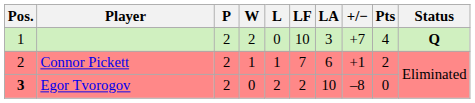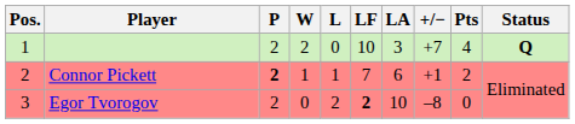 <table class="wikitable" style="text-align:center; margin: 1em auto 1em auto, align:left">
 <tr>
 <th width=20>Pos.</th>
 <th width=185>Player</th>
 <th width=20>P</th>
 <th width=20>W</th>
 <th width=20>L</th>
 <th width=20>LF</th>
 <th width=20>LA</th>
 <th width=25>+/−</th>
 <th width=20>Pts</th>
 <th width=70>Status</th>
 </tr>
 <tr style="background:#D0F0C0;">
 <td>1</td>
 <td align=left></td>
 <td>2</td>
 <td>2</td>
 <td>0</td>
 <td>10</td>
 <td>3</td>
 <td>+7</td>
 <td>4</td>
 <td><strong>Q</strong></td>
 </tr>
 <tr style="background:#FF8888;">
 <td>2</td>
 <td align=left> <a href='#'>Connor Pickett</a></td>
-<td>2</td>
+<td><strong>2</strong></td>
 <td>1</td>
 <td>1</td>
 <td>7</td>
 <td>6</td>
 <td>+1</td>
 <td>2</td>
 <td rowspan=2>Eliminated</td>
 </tr>
 <tr style="background:#FF8888;">
-<td><strong>3</strong></td>
+<td>3</td>
 <td align=left> <a href='#'>Egor Tvorogov</a></td>
 <td>2</td>
 <td>0</td>
 <td>2</td>
-<td>2</td>
+<td><strong>2</strong></td>
 <td>10</td>
 <td>–8</td>
 <td>0</td>
 </tr>
 </table>
